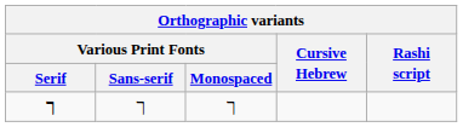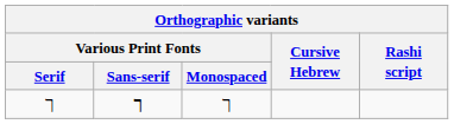 <table class=wikitable style="text-align:center;">
 <tr>
 <th colspan=5><small><a href='#'>Orthographic</a> variants</small></th>
 </tr>
 <tr>
 <th colspan=3><small>Various Print Fonts</small></th>
 <th rowspan=2><small><a href='#'>Cursive<br>Hebrew</a></small></th>
 <th rowspan=2><small><a href='#'>Rashi<br>script</a></small></th>
 </tr>
 <tr>
 <th><small><a href='#'>Serif</a></small></th>
 <th><small><a href='#'>Sans-serif</a></small></th>
 <th><small><a href='#'>Monospaced</a></small></th>
 </tr>
 <tr>
+<td width=20%><span>ך</span></td>
 <td width=20%><strong><span>ך</span></strong></td>
-<td width=20%><span>ך</span></td>
 <td width=20%><span>ך</span></td>
 <td width=20%></td>
 <td width=20%></td>
 </tr>
 </table>
